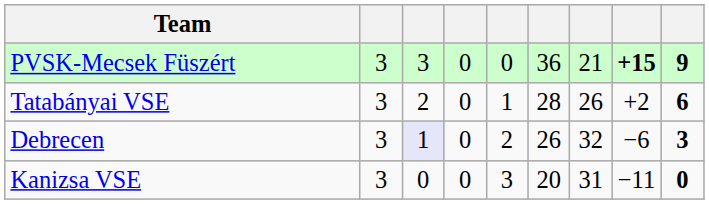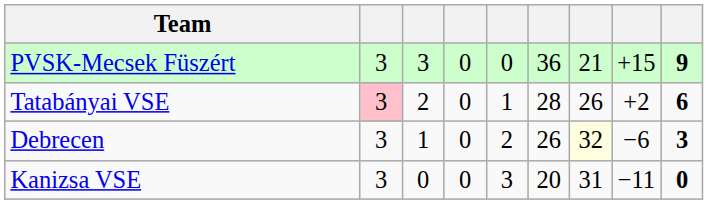 <table class="wikitable" style="text-align:center;">
 <tr>
 <th width=225>Team</th>
 <th width=20></th>
 <th width=20></th>
 <th width=20></th>
 <th width=20></th>
 <th width=20></th>
 <th width=20></th>
 <th width=20></th>
 <th width=20></th>
 </tr>
 <tr style="background:#cfc;">
 <td align="left"><a href='#'>PVSK-Mecsek Füszért</a></td>
 <td>3</td>
 <td>3</td>
 <td>0</td>
 <td>0</td>
 <td>36</td>
 <td>21</td>
-<td><strong>+15</strong></td>
+<td>+15</td>
 <td><strong>9</strong></td>
 </tr>
 <tr>
 <td align="left"><a href='#'>Tatabányai VSE</a></td>
-<td>3</td>
+<td style="background: pink;">3</td>
 <td>2</td>
 <td>0</td>
 <td>1</td>
 <td>28</td>
 <td>26</td>
 <td>+2</td>
 <td><strong>6</strong></td>
 </tr>
 <tr>
 <td align="left"><a href='#'>Debrecen</a></td>
 <td>3</td>
-<td style="background: lavender;">1</td>
+<td>1</td>
 <td>0</td>
 <td>2</td>
 <td>26</td>
-<td>32</td>
+<td style="background: lightyellow;">32</td>
 <td>−6</td>
 <td><strong>3</strong></td>
 </tr>
 <tr>
 <td align="left"><a href='#'>Kanizsa VSE</a></td>
 <td>3</td>
 <td>0</td>
 <td>0</td>
 <td>3</td>
 <td>20</td>
 <td>31</td>
 <td>−11</td>
 <td><strong>0</strong></td>
 </tr>
 </table>
